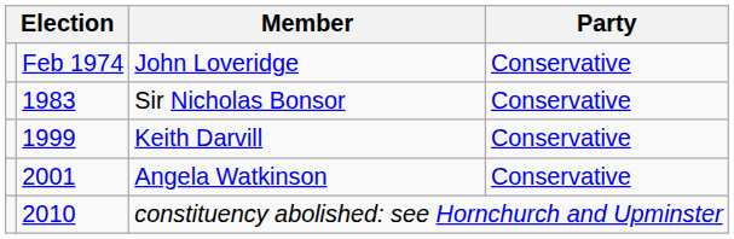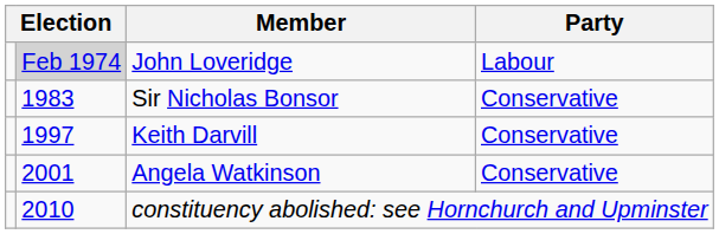 <table class="wikitable">
 <tr>
 <th colspan="2">Election</th>
 <th>Member</th>
 <th>Party</th>
 </tr>
 <tr>
 <td style="color:inherit;background-color: "></td>
-<td><a href='#'>Feb 1974</a></td>
+<td style="background: lightgrey;"><a href='#'>Feb 1974</a></td>
 <td><a href='#'>John Loveridge</a></td>
-<td><a href='#'>Conservative</a></td>
+<td><a href='#'>Labour</a></td>
 </tr>
 <tr>
 <td style="color:inherit;background-color: "></td>
 <td><a href='#'>1983</a></td>
 <td>Sir <a href='#'>Nicholas Bonsor</a></td>
 <td><a href='#'>Conservative</a></td>
 </tr>
 <tr>
 <td style="color:inherit;background-color: "></td>
-<td><a href='#'>1999</a></td>
+<td><a href='#'>1997</a></td>
 <td><a href='#'>Keith Darvill</a></td>
 <td><a href='#'>Conservative</a></td>
 </tr>
 <tr>
 <td style="color:inherit;background-color: "></td>
 <td><a href='#'>2001</a></td>
 <td><a href='#'>Angela Watkinson</a></td>
 <td><a href='#'>Conservative</a></td>
 </tr>
 <tr>
 <td></td>
 <td><a href='#'>2010</a></td>
 <td colspan="2"><em>constituency abolished: see <a href='#'>Hornchurch and Upminster</a></em></td>
 </tr>
 </table>
